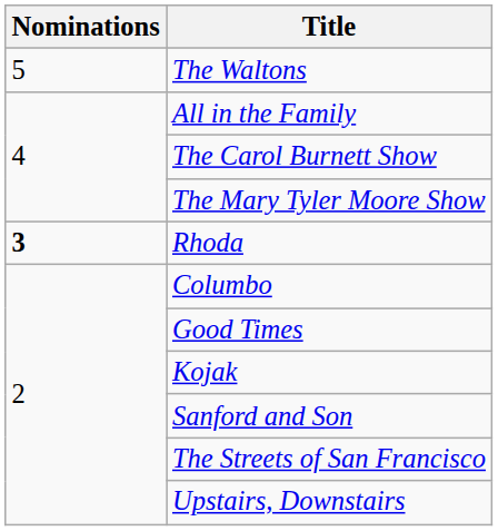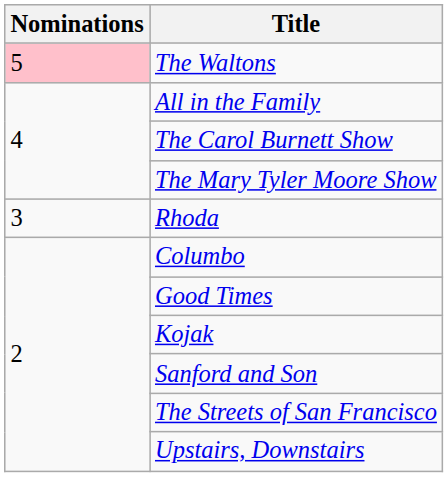 <table class="wikitable">
 <tr>
 <th>Nominations</th>
 <th>Title</th>
 </tr>
 <tr>
-<td>5</td>
+<td style="background: pink;">5</td>
 <td><em><a href='#'>The Waltons</a></em></td>
 </tr>
 <tr>
 <td rowspan="3">4</td>
 <td><em><a href='#'>All in the Family</a></em></td>
 </tr>
 <tr>
 <td><em><a href='#'>The Carol Burnett Show</a></em></td>
 </tr>
 <tr>
 <td><em><a href='#'>The Mary Tyler Moore Show</a></em></td>
 </tr>
 <tr>
-<td><strong>3</strong></td>
+<td>3</td>
 <td><em><a href='#'>Rhoda</a></em></td>
 </tr>
 <tr>
 <td rowspan="6">2</td>
 <td><em><a href='#'>Columbo</a></em></td>
 </tr>
 <tr>
 <td><em><a href='#'>Good Times</a></em></td>
 </tr>
 <tr>
 <td><em><a href='#'>Kojak</a></em></td>
 </tr>
 <tr>
 <td><em><a href='#'>Sanford and Son</a></em></td>
 </tr>
 <tr>
 <td><em><a href='#'>The Streets of San Francisco</a></em></td>
 </tr>
 <tr>
 <td><em><a href='#'>Upstairs, Downstairs</a></em></td>
 </tr>
 </table>
